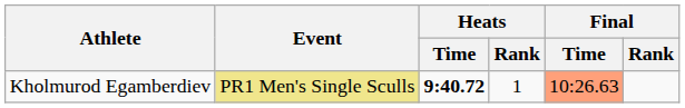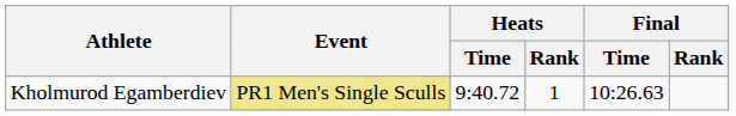 <table class="wikitable" style="text-align:center; font-size:90%">
 <tr>
 <th rowspan="2">Athlete</th>
 <th rowspan="2">Event</th>
 <th colspan="2">Heats</th>
 <th colspan="2">Final</th>
 </tr>
 <tr>
 <th>Time</th>
 <th>Rank</th>
 <th>Time</th>
 <th>Rank</th>
 </tr>
 <tr>
 <td align=left>Kholmurod Egamberdiev</td>
 <td style="background: khaki;">PR1 Men's Single Sculls</td>
-<td><strong>9:40.72</strong></td>
+<td>9:40.72</td>
 <td>1</td>
-<td style="background: lightsalmon;">10:26.63</td>
+<td>10:26.63</td>
 <td></td>
 </tr>
 </table>
